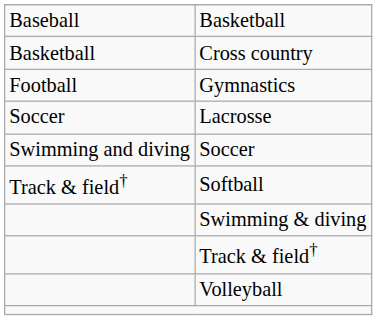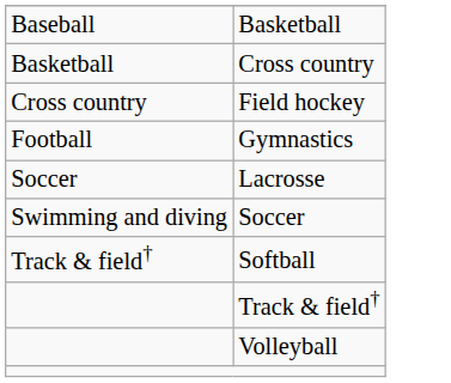 <table class="wikitable" style=" ">
 <tr>
 </tr>
 <tr>
 <td>Baseball</td>
 <td>Basketball</td>
 </tr>
 <tr>
 <td>Basketball</td>
 <td>Cross country</td>
+</tr>
+<tr>
+<td>Cross country</td>
+<td>Field hockey</td>
 </tr>
 <tr>
 <td>Football</td>
 <td>Gymnastics</td>
 </tr>
 <tr>
 <td>Soccer</td>
 <td>Lacrosse</td>
 </tr>
 <tr>
 <td>Swimming and diving</td>
 <td>Soccer</td>
 </tr>
 <tr>
 <td>Track & field<sup>†</sup></td>
 <td>Softball</td>
 </tr>
 <tr>
 <td></td>
-<td>Swimming & diving</td>
-</tr>
-<tr>
-<td></td>
 <td>Track & field<sup>†</sup></td>
 </tr>
 <tr>
 <td></td>
 <td>Volleyball</td>
 </tr>
 <tr>
 <td colspan="2"></td>
 </tr>
 </table>
